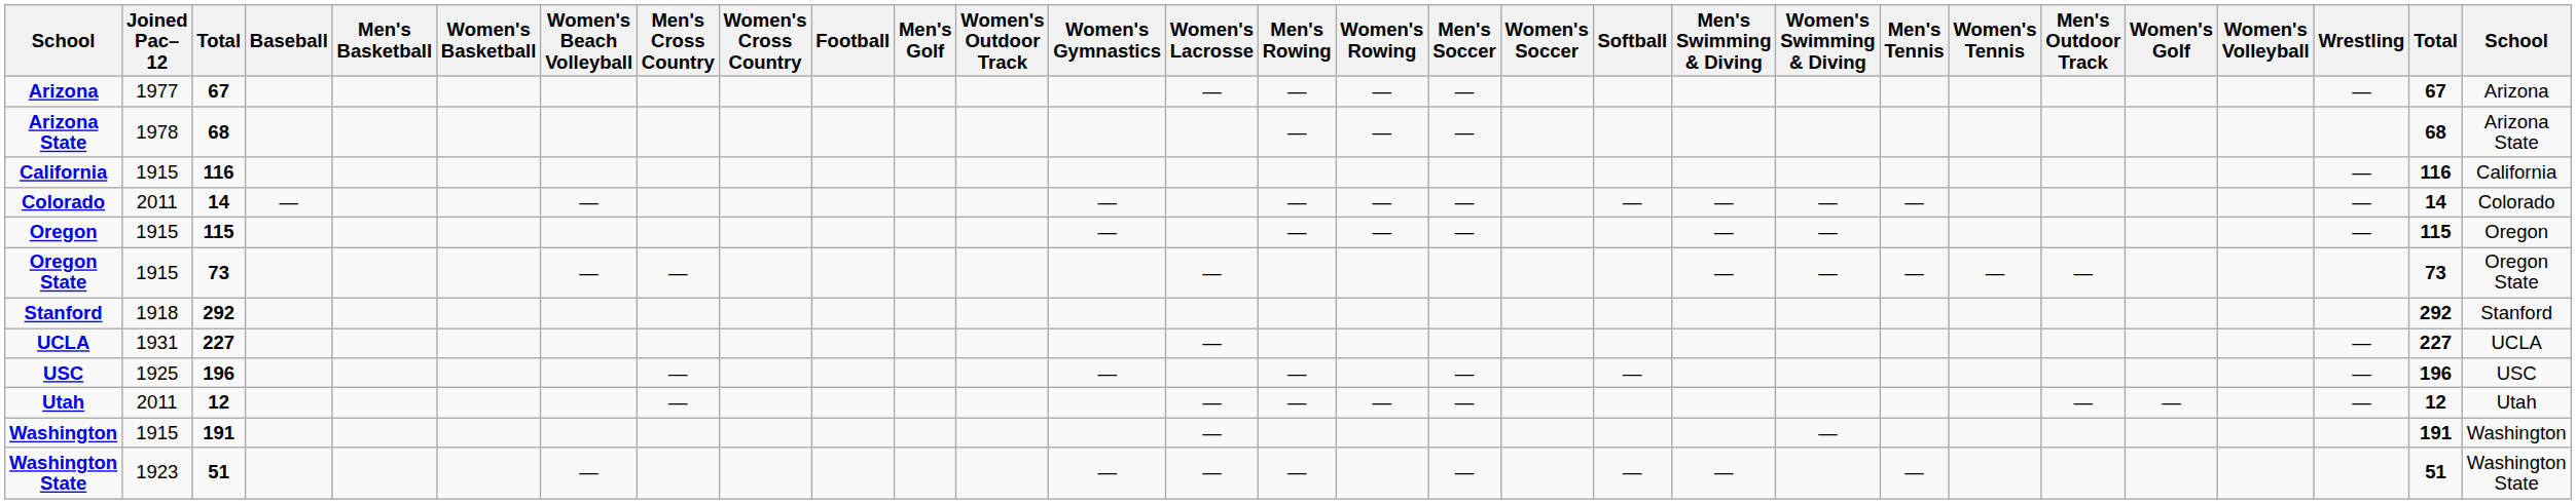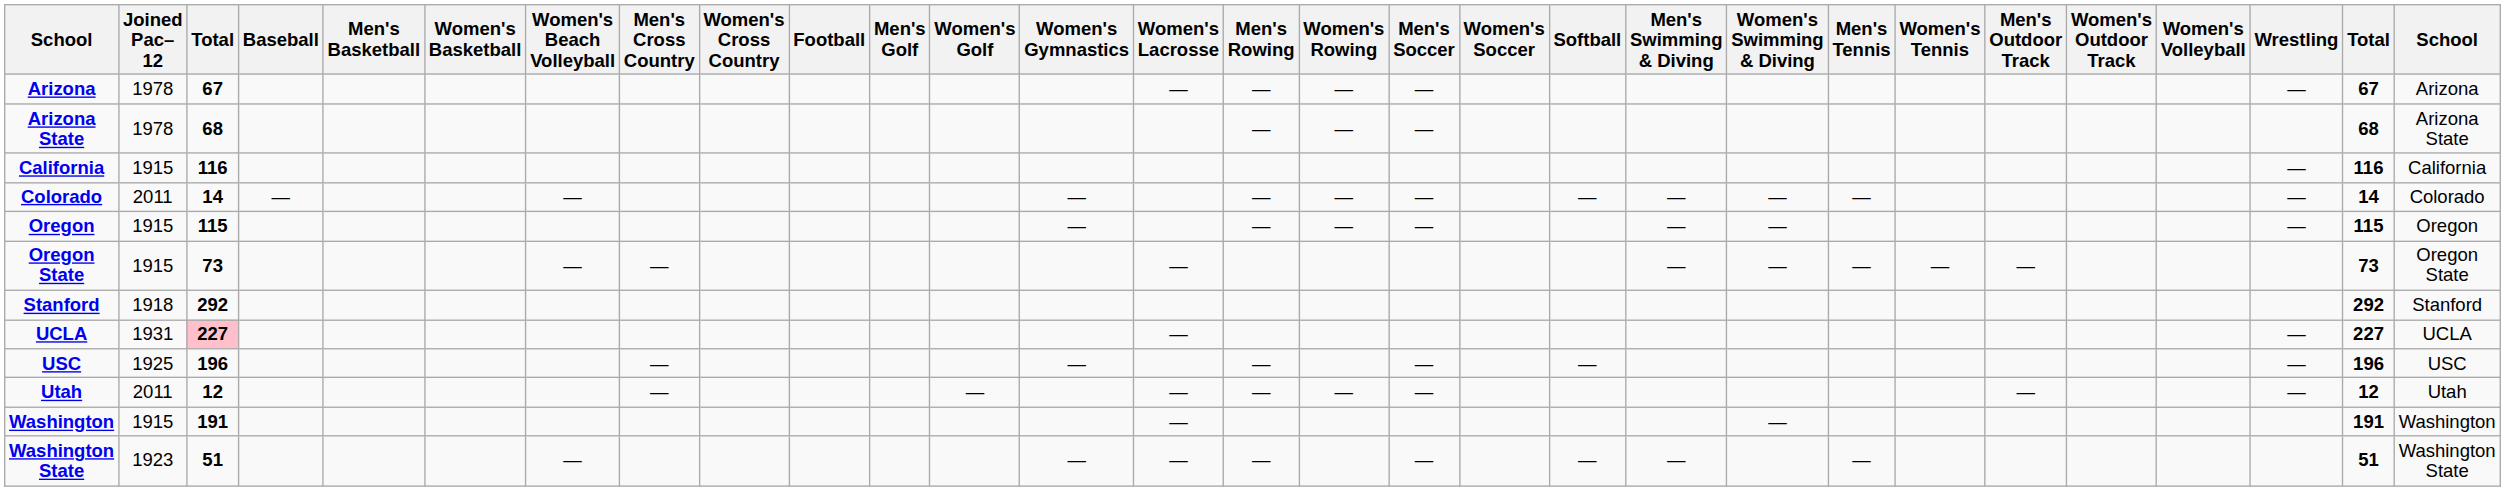 <table class="wikitable sortable" style="text-align: center; font-size:85%;">
 <tr>
 <th>School</th>
 <th>Joined Pac–12</th>
 <th>Total</th>
 <th>Baseball</th>
 <th>Men's<br>Basketball</th>
 <th>Women's<br>Basketball</th>
 <th>Women's<br>Beach Volleyball</th>
 <th>Men's<br>Cross Country</th>
 <th>Women's<br>Cross Country</th>
 <th>Football</th>
 <th>Men's<br>Golf</th>
-<th>Women's<br>Outdoor Track</th>
+<th>Women's<br>Golf</th>
 <th>Women's<br>Gymnastics</th>
 <th>Women's<br>Lacrosse</th>
 <th>Men's<br>Rowing</th>
 <th>Women's<br>Rowing</th>
 <th>Men's<br>Soccer</th>
 <th>Women's<br>Soccer</th>
 <th>Softball</th>
 <th>Men's<br>Swimming & Diving</th>
 <th>Women's<br>Swimming & Diving</th>
 <th>Men's<br>Tennis</th>
 <th>Women's<br>Tennis</th>
 <th>Men's<br>Outdoor Track</th>
-<th>Women's<br>Golf</th>
+<th>Women's<br>Outdoor Track</th>
 <th>Women's<br>Volleyball</th>
 <th>Wrestling</th>
 <th>Total</th>
 <th>School</th>
 </tr>
 <tr>
 <td><strong><a href='#'>Arizona</a></strong></td>
-<td>1977</td>
+<td>1978</td>
 <td> <strong>67</strong></td>
 <td> </td>
 <td> </td>
 <td> </td>
 <td> </td>
 <td> </td>
 <td> </td>
 <td></td>
 <td> </td>
 <td> </td>
 <td> </td>
 <td>—</td>
 <td>—</td>
 <td>—</td>
 <td>—</td>
 <td></td>
 <td></td>
 <td></td>
 <td></td>
 <td></td>
 <td></td>
 <td> </td>
 <td> </td>
 <td> </td>
 <td> —</td>
 <td> <strong>67</strong></td>
 <td>Arizona</td>
 </tr>
 <tr>
 <td><strong><a href='#'>Arizona State</a></strong></td>
 <td>1978</td>
 <td> <strong>68</strong></td>
 <td> </td>
 <td> </td>
 <td> </td>
 <td> </td>
 <td></td>
 <td> </td>
 <td></td>
 <td> </td>
 <td> </td>
 <td> </td>
 <td></td>
 <td>—</td>
 <td>—</td>
 <td>—</td>
 <td></td>
 <td></td>
 <td></td>
 <td></td>
 <td></td>
 <td></td>
 <td> </td>
 <td> </td>
 <td> </td>
 <td> </td>
 <td> <strong>68</strong></td>
 <td>Arizona State</td>
 </tr>
 <tr>
 <td><strong><a href='#'>California</a></strong></td>
 <td>1915</td>
 <td> <strong>116</strong></td>
 <td> </td>
 <td> </td>
 <td> </td>
 <td> </td>
 <td></td>
 <td> </td>
 <td></td>
 <td> </td>
 <td> </td>
 <td> </td>
 <td></td>
 <td></td>
 <td></td>
 <td></td>
 <td></td>
 <td></td>
 <td></td>
 <td></td>
 <td></td>
 <td></td>
 <td> </td>
 <td> </td>
 <td> </td>
 <td> —</td>
 <td> <strong>116</strong></td>
 <td>California</td>
 </tr>
 <tr>
 <td><strong><a href='#'>Colorado</a></strong></td>
 <td>2011</td>
 <td> <strong>14</strong></td>
 <td>   —</td>
 <td> </td>
 <td> </td>
 <td> —</td>
 <td></td>
 <td> </td>
 <td></td>
 <td> </td>
 <td> </td>
 <td> —</td>
 <td></td>
 <td>—</td>
 <td>—</td>
 <td>—</td>
 <td></td>
 <td>—</td>
 <td>—</td>
 <td>—</td>
 <td>—</td>
 <td></td>
 <td> </td>
 <td> </td>
 <td> </td>
 <td> —</td>
 <td> <strong>14</strong></td>
 <td>Colorado</td>
 </tr>
 <tr>
 <td><strong><a href='#'>Oregon</a></strong></td>
 <td>1915</td>
 <td> <strong>115</strong></td>
 <td> </td>
 <td> </td>
 <td> </td>
 <td> </td>
 <td></td>
 <td> </td>
 <td></td>
 <td> </td>
 <td> </td>
 <td> —</td>
 <td></td>
 <td>—</td>
 <td>—</td>
 <td>—</td>
 <td></td>
 <td></td>
 <td>—</td>
 <td>—</td>
 <td></td>
 <td></td>
 <td> </td>
 <td> </td>
 <td> </td>
 <td> —</td>
 <td> <strong>115</strong></td>
 <td>Oregon</td>
 </tr>
 <tr>
 <td><strong><a href='#'>Oregon State</a></strong></td>
 <td>1915</td>
 <td> <strong>73</strong></td>
 <td> </td>
 <td> </td>
 <td> </td>
 <td> —</td>
 <td> —</td>
 <td> </td>
 <td></td>
 <td> </td>
 <td> </td>
 <td> </td>
 <td>—</td>
 <td></td>
 <td></td>
 <td></td>
 <td></td>
 <td></td>
 <td>—</td>
 <td>—</td>
 <td>—</td>
 <td>—</td>
 <td> —</td>
 <td> </td>
 <td> </td>
 <td> </td>
 <td> <strong>73</strong></td>
 <td>Oregon State</td>
 </tr>
 <tr>
 <td><strong><a href='#'>Stanford</a></strong></td>
 <td>1918</td>
 <td><strong>292</strong></td>
 <td> </td>
 <td> </td>
 <td></td>
 <td> </td>
 <td></td>
 <td> </td>
 <td></td>
 <td> </td>
-<td> </td>
+<td></td>
 <td> </td>
 <td></td>
 <td></td>
 <td></td>
 <td></td>
 <td></td>
 <td></td>
 <td></td>
 <td></td>
 <td></td>
 <td></td>
 <td> </td>
-<td></td>
+<td> </td>
 <td> </td>
 <td> </td>
 <td><strong>292</strong></td>
 <td>Stanford</td>
 </tr>
 <tr>
 <td><strong><a href='#'>UCLA</a></strong></td>
 <td>1931</td>
-<td><strong>227</strong></td>
+<td style="background: pink;"><strong>227</strong></td>
 <td> </td>
 <td> </td>
 <td> </td>
 <td> </td>
 <td></td>
 <td> </td>
 <td></td>
 <td> </td>
 <td> </td>
 <td> </td>
 <td>—</td>
 <td></td>
 <td></td>
 <td></td>
 <td></td>
 <td></td>
 <td></td>
 <td></td>
 <td></td>
 <td></td>
 <td> </td>
 <td> </td>
 <td> </td>
 <td> —</td>
 <td><strong>227</strong></td>
 <td>UCLA</td>
 </tr>
 <tr>
 <td><strong><a href='#'>USC</a></strong></td>
 <td>1925</td>
 <td> <strong>196</strong></td>
 <td> </td>
 <td> </td>
 <td> </td>
 <td> </td>
 <td>—</td>
 <td> </td>
 <td></td>
 <td> </td>
 <td> </td>
 <td> —</td>
 <td></td>
 <td>—</td>
 <td></td>
 <td>—</td>
 <td></td>
 <td>—</td>
 <td></td>
 <td></td>
 <td></td>
 <td></td>
 <td> </td>
 <td> </td>
 <td> </td>
 <td> —</td>
 <td> <strong>196</strong></td>
 <td>USC</td>
 </tr>
 <tr>
 <td><strong><a href='#'>Utah</a></strong></td>
 <td>2011</td>
 <td> <strong>12</strong></td>
 <td> </td>
 <td> </td>
 <td> </td>
 <td></td>
 <td>—</td>
 <td> </td>
 <td></td>
 <td> </td>
-<td> </td>
+<td> —</td>
 <td> </td>
 <td>—</td>
 <td>—</td>
 <td>—</td>
 <td>—</td>
 <td></td>
 <td></td>
 <td></td>
 <td></td>
 <td></td>
 <td></td>
 <td> —</td>
-<td> —</td>
+<td> </td>
 <td> </td>
 <td> —</td>
 <td> <strong>12</strong></td>
 <td>Utah</td>
 </tr>
 <tr>
 <td><strong><a href='#'>Washington</a></strong></td>
 <td>1915</td>
 <td><strong>191</strong></td>
 <td> </td>
 <td> </td>
 <td> </td>
 <td></td>
 <td></td>
 <td></td>
 <td></td>
 <td> </td>
 <td> </td>
 <td> </td>
 <td>—</td>
 <td></td>
 <td></td>
 <td></td>
 <td></td>
 <td></td>
 <td></td>
 <td>—</td>
 <td></td>
 <td></td>
 <td> </td>
 <td> </td>
 <td> </td>
 <td></td>
 <td><strong>191</strong></td>
 <td>Washington</td>
 </tr>
 <tr>
 <td><strong><a href='#'>Washington State</a></strong></td>
 <td>1923</td>
 <td> <strong>51</strong></td>
 <td> </td>
 <td> </td>
 <td> </td>
 <td> —</td>
 <td></td>
 <td> </td>
 <td></td>
 <td> </td>
 <td> </td>
 <td> —</td>
 <td>—</td>
 <td>—</td>
 <td></td>
 <td>—</td>
 <td></td>
 <td>—</td>
 <td>—</td>
 <td></td>
 <td>—</td>
 <td></td>
 <td> </td>
 <td> </td>
 <td> </td>
 <td> </td>
 <td> <strong>51</strong></td>
 <td>Washington State</td>
 </tr>
 </table>
